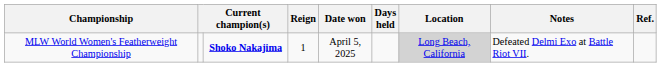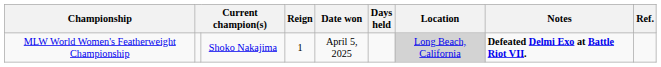 <table class="wikitable sortable" style="text-align: center; font-size:85%;">
 <tr>
 <th>Championship</th>
 <th colspan=2>Current champion(s)</th>
 <th>Reign</th>
 <th>Date won</th>
 <th>Days<br>held</th>
 <th>Location</th>
 <th>Notes</th>
 <th>Ref.</th>
 </tr>
 <tr>
 <td align=center><a href='#'>MLW World Women's Featherweight Championship</a></td>
 <td align=center></td>
-<td align=center><strong><a href='#'>Shoko Nakajima</a></strong></td>
+<td align=center><a href='#'>Shoko Nakajima</a></td>
 <td align=center>1</td>
 <td align=center>April 5, 2025</td>
 <td align=center></td>
 <td align=center style="background: lightgrey;"><a href='#'>Long Beach, California</a></td>
-<td align="left">Defeated <a href='#'>Delmi Exo</a> at <a href='#'>Battle Riot VII</a>.</td>
+<td align="left"><strong>Defeated <a href='#'>Delmi Exo</a> at <a href='#'>Battle Riot VII</a>.</strong></td>
 <td></td>
 </tr>
 </table>
